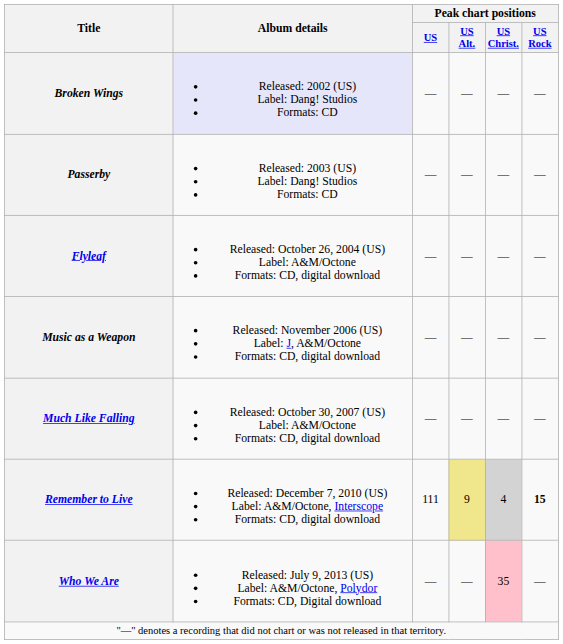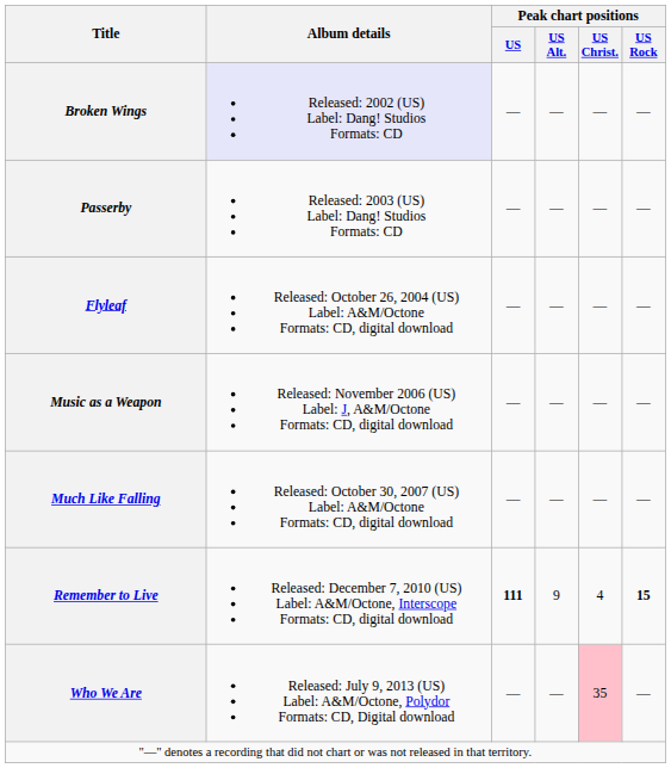 <table class="wikitable plainrowheaders" style="text-align:center;">
 <tr>
 <th scope="col" rowspan="2" style="width:14em;">Title</th>
 <th scope="col" rowspan="2" style="width:20em;">Album details</th>
 <th scope="col" colspan="4">Peak chart positions</th>
 </tr>
 <tr>
 <th scope="col" style="width:3em;font-size:90%;"><a href='#'>US</a><br></th>
 <th scope="col" style="width:3em;font-size:90%;"><a href='#'>US<br>Alt.</a><br></th>
 <th scope="col" style="width:3em;font-size:90%;"><a href='#'>US<br>Christ.</a><br></th>
 <th scope="col" style="width:3em;font-size:90%;"><a href='#'>US<br>Rock</a><br></th>
 </tr>
 <tr>
 <th scope="row"><em>Broken Wings</em></th>
 <td style="background: lavender;"><br><ul><li>Released: 2002 <span>(US)</span></li><li>Label: Dang! Studios</li><li>Formats: CD</li></ul></td>
 <td>—</td>
 <td>—</td>
 <td>—</td>
 <td>—</td>
 </tr>
 <tr>
 <th scope="row"><em>Passerby</em></th>
 <td><br><ul><li>Released: 2003 <span>(US)</span></li><li>Label: Dang! Studios</li><li>Formats: CD</li></ul></td>
 <td>—</td>
 <td>—</td>
 <td>—</td>
 <td>—</td>
 </tr>
 <tr>
 <th scope="row"><em><a href='#'>Flyleaf</a></em></th>
 <td><br><ul><li>Released: October 26, 2004 <span>(US)</span></li><li>Label: A&M/Octone</li><li>Formats: CD, digital download</li></ul></td>
 <td>—</td>
 <td>—</td>
 <td>—</td>
 <td>—</td>
 </tr>
 <tr>
 <th scope="row"><em>Music as a Weapon</em></th>
 <td><br><ul><li>Released: November 2006 <span>(US)</span></li><li>Label: <a href='#'>J</a>, A&M/Octone</li><li>Formats: CD, digital download</li></ul></td>
 <td>—</td>
 <td>—</td>
 <td>—</td>
 <td>—</td>
 </tr>
 <tr>
 <th scope="row"><em><a href='#'>Much Like Falling</a></em></th>
 <td><br><ul><li>Released: October 30, 2007 <span>(US)</span></li><li>Label: A&M/Octone</li><li>Formats: CD, digital download</li></ul></td>
 <td>—</td>
 <td>—</td>
 <td>—</td>
 <td>—</td>
 </tr>
 <tr>
 <th scope="row"><em><a href='#'>Remember to Live</a></em></th>
 <td><br><ul><li>Released: December 7, 2010 <span>(US)</span></li><li>Label: A&M/Octone, <a href='#'>Interscope</a></li><li>Formats: CD, digital download</li></ul></td>
-<td>111</td>
-<td style="background: khaki;">9</td>
-<td style="background: lightgrey;">4</td>
+<td><strong>111</strong></td>
+<td>9</td>
+<td>4</td>
 <td><strong>15</strong></td>
 </tr>
 <tr>
 <th scope="row"><em><a href='#'>Who We Are</a></em></th>
 <td><br><ul><li>Released: July 9, 2013 <span>(US)</span></li><li>Label: A&M/Octone, <a href='#'>Polydor</a></li><li>Formats: CD, Digital download</li></ul></td>
 <td>—</td>
 <td>—</td>
 <td style="background: pink;">35</td>
 <td>—</td>
 </tr>
 <tr>
 <td colspan="8" style="font-size:90%">"—" denotes a recording that did not chart or was not released in that territory.</td>
 </tr>
 </table>
